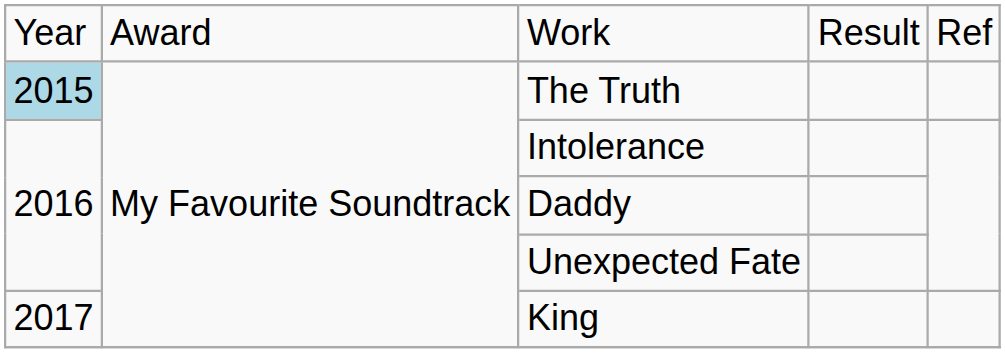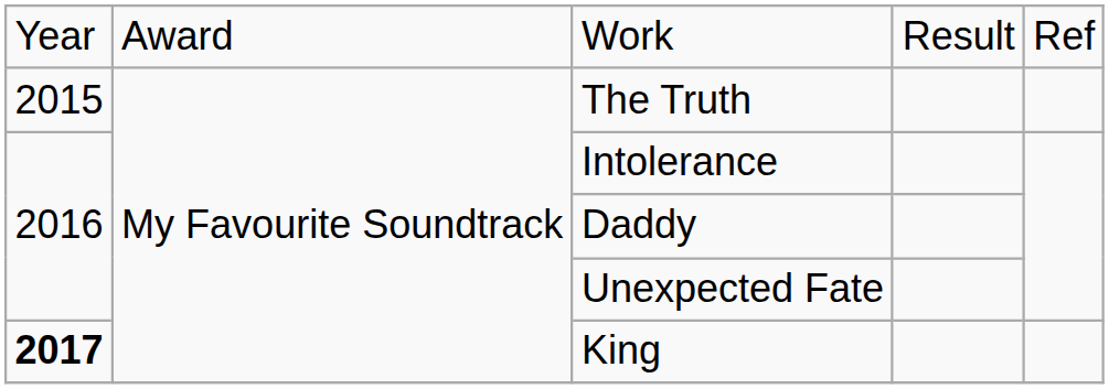 <table class="wikitable">
 <tr>
 <td>Year</td>
 <td>Award</td>
 <td>Work</td>
 <td>Result</td>
 <td>Ref</td>
 </tr>
 <tr>
-<td style="background: lightblue;">2015</td>
+<td>2015</td>
 <td rowspan="5">My Favourite  Soundtrack</td>
 <td>The Truth</td>
 <td></td>
 <td></td>
 </tr>
 <tr>
 <td rowspan="3">2016</td>
 <td>Intolerance</td>
 <td></td>
 <td rowspan="3"></td>
 </tr>
 <tr>
 <td>Daddy</td>
 <td></td>
 </tr>
 <tr>
 <td>Unexpected Fate</td>
 <td></td>
 </tr>
 <tr>
-<td>2017</td>
+<td><strong>2017</strong></td>
 <td>King</td>
 <td></td>
 <td></td>
 </tr>
 <tr>
 </tr>
 </table>
